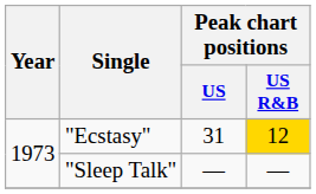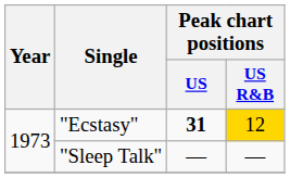 <table class="wikitable" style="text-align:center;">
 <tr>
 <th rowspan="2">Year</th>
 <th rowspan="2">Single</th>
 <th colspan="2">Peak chart positions</th>
 </tr>
 <tr style="font-size:smaller;">
 <th width="40"><a href='#'>US</a><br></th>
 <th width="40"><a href='#'>US<br>R&B</a><br></th>
 </tr>
 <tr>
 <td rowspan="2">1973</td>
 <td align="left">"Ecstasy"</td>
-<td>31</td>
+<td><strong>31</strong></td>
 <td style="background: gold;">12</td>
 </tr>
 <tr>
 <td align="left">"Sleep Talk"</td>
 <td>—</td>
 <td>—</td>
 </tr>
 <tr>
 </tr>
 </table>
